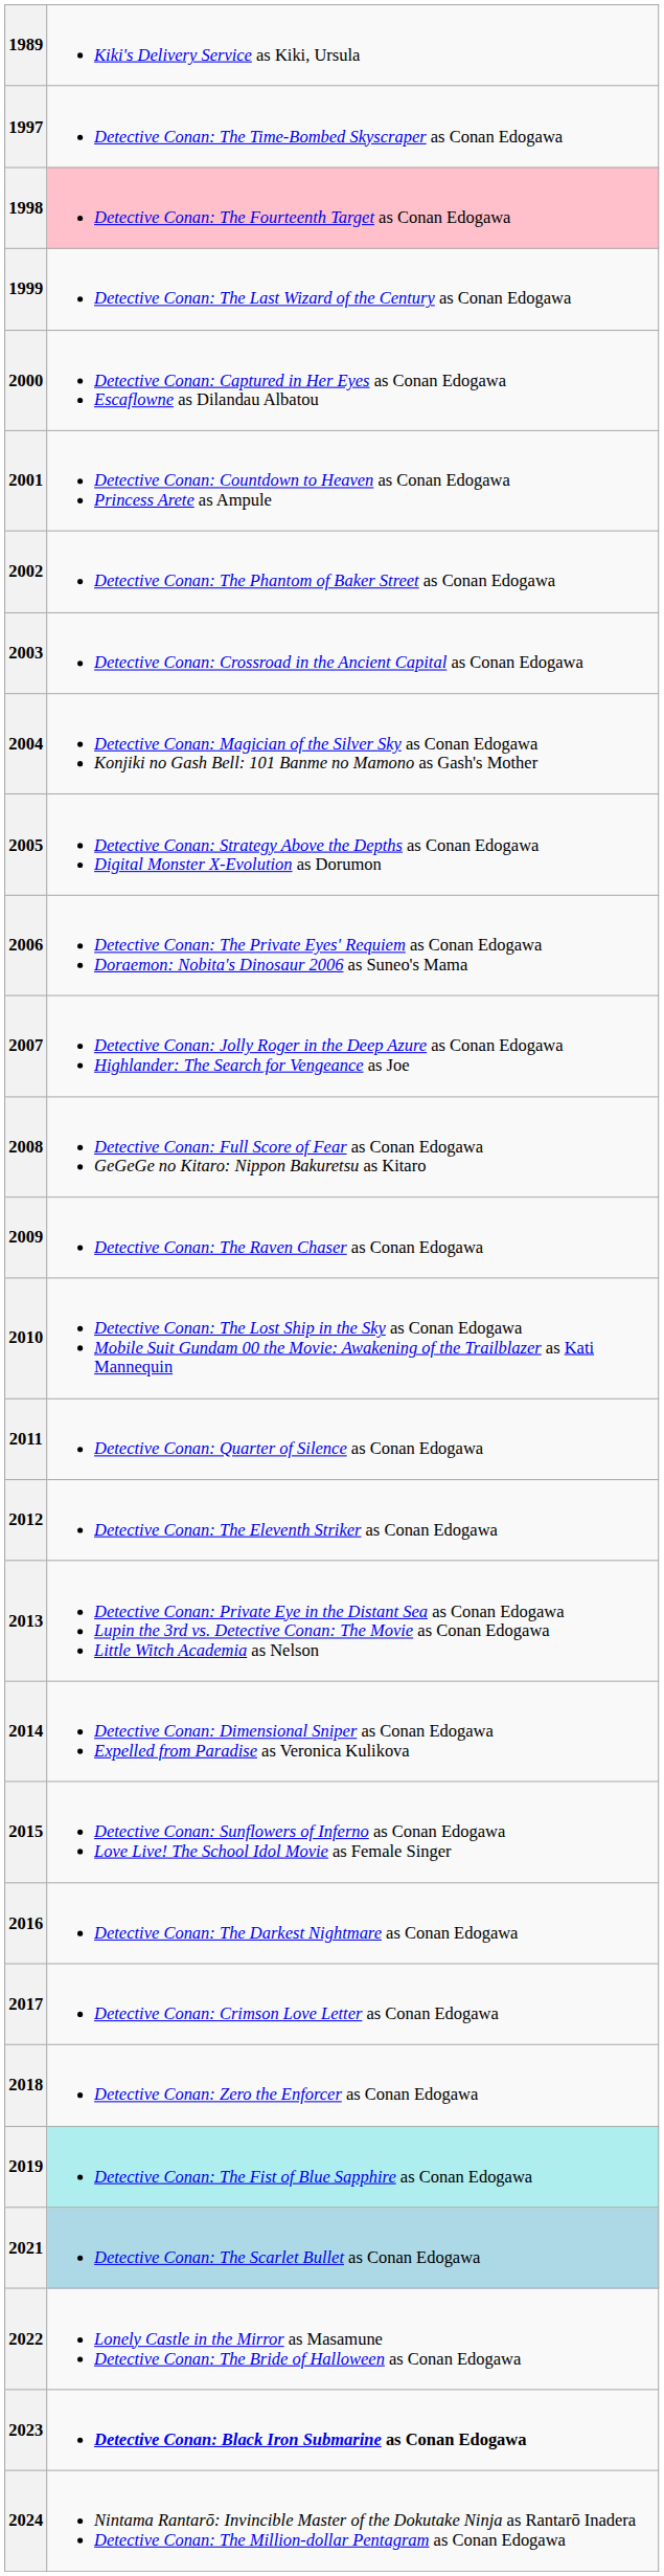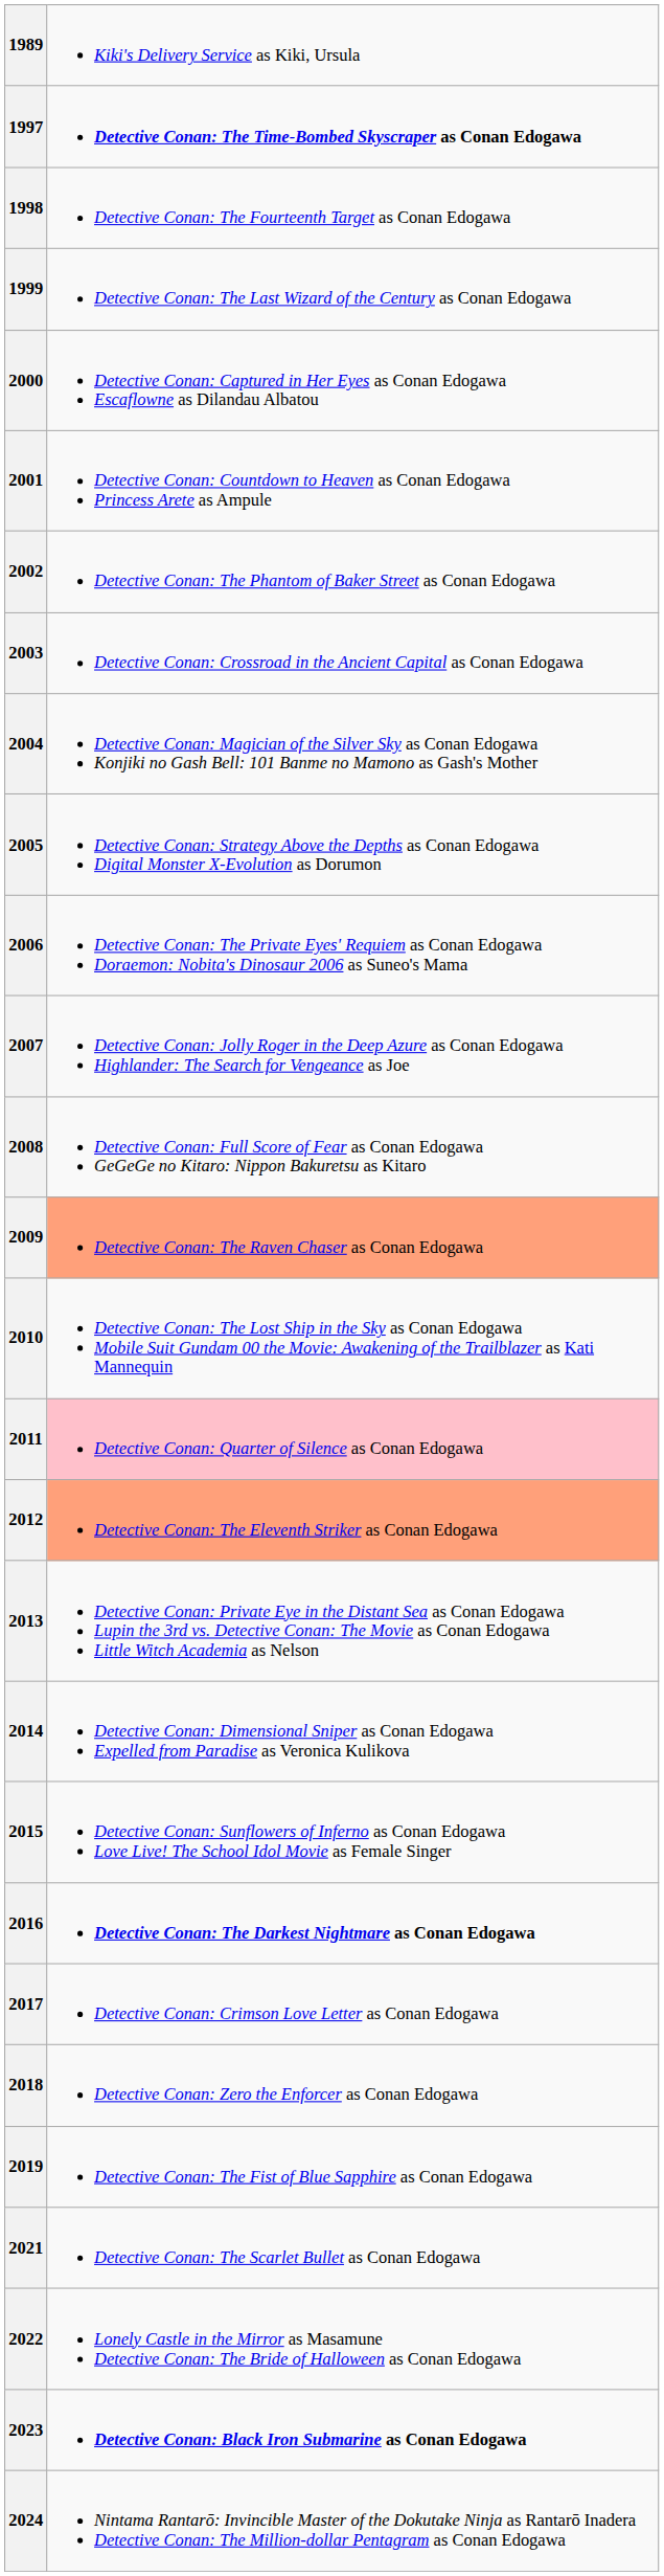 <table class="wikitable">
 <tr>
 <th>1989</th>
 <td><br><ul><li><em><a href='#'>Kiki's Delivery Service</a></em> as Kiki, Ursula</li></ul></td>
 </tr>
 <tr>
 <th>1997</th>
-<td><br><ul><li><em><a href='#'>Detective Conan: The Time-Bombed Skyscraper</a></em> as Conan Edogawa</li></ul></td>
+<td><strong><br><ul><li><em><a href='#'>Detective Conan: The Time-Bombed Skyscraper</a></em> as Conan Edogawa</li></ul></strong></td>
 </tr>
 <tr>
 <th>1998</th>
-<td style="background: pink;"><br><ul><li><em><a href='#'>Detective Conan: The Fourteenth Target</a></em> as Conan Edogawa</li></ul></td>
+<td><br><ul><li><em><a href='#'>Detective Conan: The Fourteenth Target</a></em> as Conan Edogawa</li></ul></td>
 </tr>
 <tr>
 <th>1999</th>
 <td><br><ul><li><em><a href='#'>Detective Conan: The Last Wizard of the Century</a></em> as Conan Edogawa</li></ul></td>
 </tr>
 <tr>
 <th>2000</th>
 <td><br><ul><li><em><a href='#'>Detective Conan: Captured in Her Eyes</a></em> as Conan Edogawa</li><li><em><a href='#'>Escaflowne</a></em> as Dilandau Albatou</li></ul></td>
 </tr>
 <tr>
 <th>2001</th>
 <td><br><ul><li><em><a href='#'>Detective Conan: Countdown to Heaven</a></em> as Conan Edogawa</li><li><em><a href='#'>Princess Arete</a></em> as Ampule</li></ul></td>
 </tr>
 <tr>
 <th>2002</th>
 <td><br><ul><li><em><a href='#'>Detective Conan: The Phantom of Baker Street</a></em> as Conan Edogawa</li></ul></td>
 </tr>
 <tr>
 <th>2003</th>
 <td><br><ul><li><em><a href='#'>Detective Conan: Crossroad in the Ancient Capital</a></em> as Conan Edogawa</li></ul></td>
 </tr>
 <tr>
 <th>2004</th>
 <td><br><ul><li><em><a href='#'>Detective Conan: Magician of the Silver Sky</a></em> as Conan Edogawa</li><li><em>Konjiki no Gash Bell: 101 Banme no Mamono</em> as Gash's Mother</li></ul></td>
 </tr>
 <tr>
 <th>2005</th>
 <td><br><ul><li><em><a href='#'>Detective Conan: Strategy Above the Depths</a></em> as Conan Edogawa</li><li><em><a href='#'>Digital Monster X-Evolution</a></em> as Dorumon</li></ul></td>
 </tr>
 <tr>
 <th>2006</th>
 <td><br><ul><li><em><a href='#'>Detective Conan: The Private Eyes' Requiem</a></em> as Conan Edogawa</li><li><em><a href='#'>Doraemon: Nobita's Dinosaur 2006</a></em> as Suneo's Mama</li></ul></td>
 </tr>
 <tr>
 <th>2007</th>
 <td><br><ul><li><em><a href='#'>Detective Conan: Jolly Roger in the Deep Azure</a></em> as Conan Edogawa</li><li><em><a href='#'>Highlander: The Search for Vengeance</a></em> as Joe</li></ul></td>
 </tr>
 <tr>
 <th>2008</th>
 <td><br><ul><li><em><a href='#'>Detective Conan: Full Score of Fear</a></em> as Conan Edogawa</li><li><em>GeGeGe no Kitaro: Nippon Bakuretsu</em> as Kitaro</li></ul></td>
 </tr>
 <tr>
 <th>2009</th>
-<td><br><ul><li><em><a href='#'>Detective Conan: The Raven Chaser</a></em> as Conan Edogawa</li></ul></td>
+<td style="background: lightsalmon;"><br><ul><li><em><a href='#'>Detective Conan: The Raven Chaser</a></em> as Conan Edogawa</li></ul></td>
 </tr>
 <tr>
 <th>2010</th>
 <td><br><ul><li><em><a href='#'>Detective Conan: The Lost Ship in the Sky</a></em> as Conan Edogawa</li><li><em><a href='#'>Mobile Suit Gundam 00 the Movie: Awakening of the Trailblazer</a></em> as <a href='#'>Kati Mannequin</a></li></ul></td>
 </tr>
 <tr>
 <th>2011</th>
-<td><br><ul><li><em><a href='#'>Detective Conan: Quarter of Silence</a></em> as Conan Edogawa</li></ul></td>
+<td style="background: pink;"><br><ul><li><em><a href='#'>Detective Conan: Quarter of Silence</a></em> as Conan Edogawa</li></ul></td>
 </tr>
 <tr>
 <th>2012</th>
-<td><br><ul><li><em><a href='#'>Detective Conan: The Eleventh Striker</a></em> as Conan Edogawa</li></ul></td>
+<td style="background: lightsalmon;"><br><ul><li><em><a href='#'>Detective Conan: The Eleventh Striker</a></em> as Conan Edogawa</li></ul></td>
 </tr>
 <tr>
 <th>2013</th>
 <td><br><ul><li><em><a href='#'>Detective Conan: Private Eye in the Distant Sea</a></em> as Conan Edogawa</li><li><em><a href='#'>Lupin the 3rd vs. Detective Conan: The Movie</a></em> as Conan Edogawa</li><li><em><a href='#'>Little Witch Academia</a></em> as Nelson</li></ul></td>
 </tr>
 <tr>
 <th>2014</th>
 <td><br><ul><li><em><a href='#'>Detective Conan: Dimensional Sniper</a></em> as Conan Edogawa</li><li><em><a href='#'>Expelled from Paradise</a></em> as Veronica Kulikova</li></ul></td>
 </tr>
 <tr>
 <th>2015</th>
 <td><br><ul><li><em><a href='#'>Detective Conan: Sunflowers of Inferno</a></em> as Conan Edogawa</li><li><em><a href='#'>Love Live! The School Idol Movie</a></em> as Female Singer</li></ul></td>
 </tr>
 <tr>
 <th>2016</th>
-<td><br><ul><li><em><a href='#'>Detective Conan: The Darkest Nightmare</a></em> as Conan Edogawa</li></ul></td>
+<td><strong><br><ul><li><em><a href='#'>Detective Conan: The Darkest Nightmare</a></em> as Conan Edogawa</li></ul></strong></td>
 </tr>
 <tr>
 <th>2017</th>
 <td><br><ul><li><em><a href='#'>Detective Conan: Crimson Love Letter</a></em> as Conan Edogawa</li></ul></td>
 </tr>
 <tr>
 <th>2018</th>
 <td><br><ul><li><em><a href='#'>Detective Conan: Zero the Enforcer</a></em> as Conan Edogawa</li></ul></td>
 </tr>
 <tr>
 <th>2019</th>
-<td style="background: paleturquoise;"><br><ul><li><em><a href='#'>Detective Conan: The Fist of Blue Sapphire</a></em> as Conan Edogawa</li></ul></td>
+<td><br><ul><li><em><a href='#'>Detective Conan: The Fist of Blue Sapphire</a></em> as Conan Edogawa</li></ul></td>
 </tr>
 <tr>
 <th>2021</th>
-<td style="background: lightblue;"><br><ul><li><em><a href='#'>Detective Conan: The Scarlet Bullet</a></em> as Conan Edogawa</li></ul></td>
+<td><br><ul><li><em><a href='#'>Detective Conan: The Scarlet Bullet</a></em> as Conan Edogawa</li></ul></td>
 </tr>
 <tr>
 <th>2022</th>
 <td><br><ul><li><em><a href='#'>Lonely Castle in the Mirror</a></em> as Masamune</li><li><em><a href='#'>Detective Conan: The Bride of Halloween</a></em> as Conan Edogawa</li></ul></td>
 </tr>
 <tr>
 <th>2023</th>
 <td><strong><br><ul><li><em><a href='#'>Detective Conan: Black Iron Submarine</a></em> as Conan Edogawa</li></ul></strong></td>
 </tr>
 <tr>
 <th>2024</th>
 <td><br><ul><li><em>Nintama Rantarō: Invincible Master of the Dokutake Ninja</em> as Rantarō Inadera</li><li><em><a href='#'>Detective Conan: The Million-dollar Pentagram</a></em> as Conan Edogawa</li></ul></td>
 </tr>
 <tr>
 </tr>
 </table>
